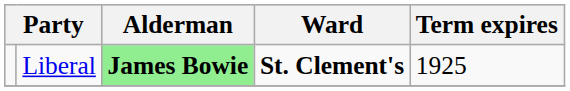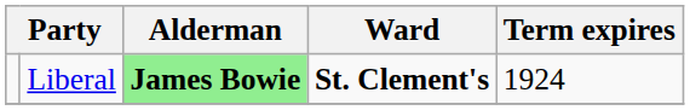 <table class="wikitable">
 <tr>
 <th colspan="2">Party</th>
 <th>Alderman</th>
 <th>Ward</th>
 <th>Term expires</th>
 </tr>
 <tr>
 <td style="background-color:"></td>
 <td><a href='#'>Liberal</a></td>
 <td style="background: lightgreen;"><strong>James Bowie</strong></td>
 <td><strong>St. Clement's</strong></td>
-<td>1925</td>
+<td>1924</td>
 </tr>
 <tr>
 </tr>
 </table>
